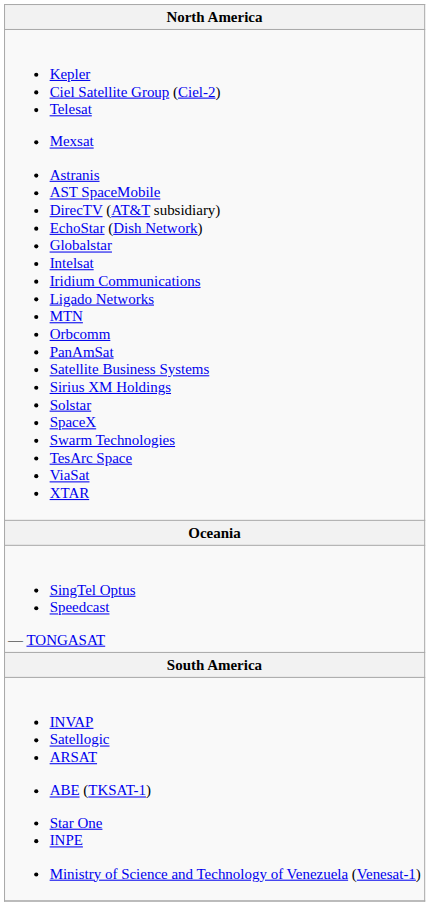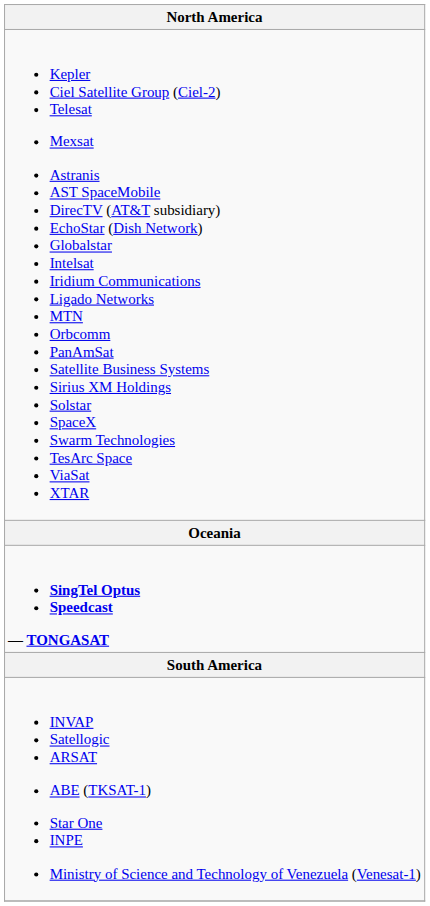 <table class="wikitable" style="font-size:90%;">
 <tr>
 <th>North America</th>
 </tr>
 <tr>
 <td><br><ul><li><a href='#'>Kepler</a></li><li><a href='#'>Ciel Satellite Group</a> (<a href='#'>Ciel-2</a>)</li><li><a href='#'>Telesat</a></li></ul><ul><li><a href='#'>Mexsat</a></li></ul><ul><li><a href='#'>Astranis</a></li><li><a href='#'>AST SpaceMobile</a></li><li><a href='#'>DirecTV</a> (<a href='#'>AT&T</a> subsidiary)</li><li><a href='#'>EchoStar</a> (<a href='#'>Dish Network</a>)</li><li><a href='#'>Globalstar</a></li><li><a href='#'>Intelsat</a></li><li><a href='#'>Iridium Communications</a></li><li><a href='#'>Ligado Networks</a></li><li><a href='#'>MTN</a></li><li><a href='#'>Orbcomm</a></li><li><a href='#'>PanAmSat</a></li><li><a href='#'>Satellite Business Systems</a></li><li><a href='#'>Sirius XM Holdings</a></li><li><a href='#'>Solstar</a></li><li><a href='#'>SpaceX</a></li><li><a href='#'>Swarm Technologies</a></li><li><a href='#'>TesArc Space</a></li><li><a href='#'>ViaSat</a></li><li><a href='#'>XTAR</a></li></ul></td>
 </tr>
 <tr>
 <th>Oceania</th>
 </tr>
 <tr>
-<td><br><ul><li><a href='#'>SingTel Optus</a></li><li><a href='#'>Speedcast</a></li></ul> — <a href='#'>TONGASAT</a></td>
+<td><strong><br><ul><li><a href='#'>SingTel Optus</a></li><li><a href='#'>Speedcast</a></li></ul> — <a href='#'>TONGASAT</a></strong></td>
 </tr>
 <tr>
 <th>South America</th>
 </tr>
 <tr>
 <td><br><ul><li><a href='#'>INVAP</a></li><li><a href='#'>Satellogic</a></li><li><a href='#'>ARSAT</a></li></ul><ul><li><a href='#'>ABE</a> (<a href='#'>TKSAT-1</a>)</li></ul><ul><li><a href='#'>Star One</a></li><li><a href='#'>INPE</a></li></ul><ul><li><a href='#'>Ministry of Science and Technology of Venezuela</a> (<a href='#'>Venesat-1</a>)</li></ul></td>
 </tr>
 <tr>
 </tr>
 </table>
